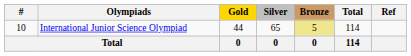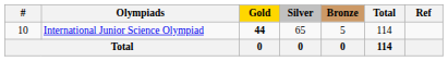 <table class="wikitable sortable" style="text-align:center; font-size:90%;">
 <tr>
 <th style="width:4em;">#</th>
 <th style="width:25em;">Olympiads</th>
 <th style="width:4em; background:gold;">Gold</th>
 <th style="width:4em; background:silver;">Silver</th>
 <th style="width:4em; background:#cc9966;">Bronze</th>
 <th style="width:4em;">Total</th>
 <th style="width:4em;">Ref</th>
 </tr>
 <tr>
 <td>10</td>
 <td align=left><a href='#'>International Junior Science Olympiad</a></td>
-<td>44</td>
+<td><strong>44</strong></td>
 <td>65</td>
-<td style="background: khaki;">5</td>
+<td>5</td>
 <td>114</td>
 <td></td>
 </tr>
 <tr>
 <th colspan=2>Total</th>
 <th>0</th>
 <th>0</th>
 <th>0</th>
 <th>114</th>
 <th></th>
 </tr>
 </table>
